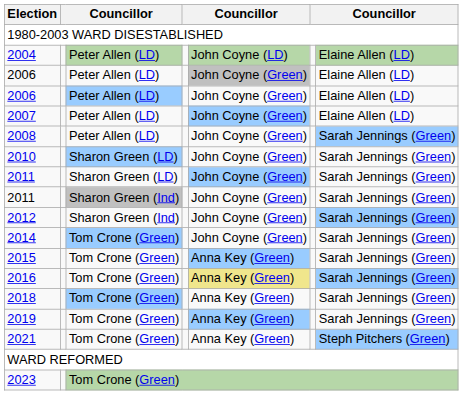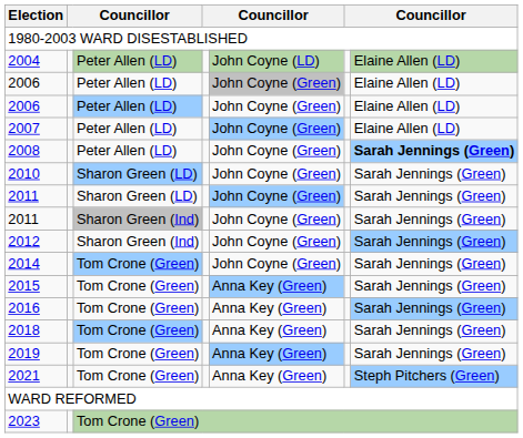 <table class="wikitable">
 <tr>
 <th>Election</th>
 <th colspan="2">Councillor</th>
 <th colspan="2">Councillor</th>
 <th colspan="2">Councillor</th>
 </tr>
 <tr>
 <td colspan="8" bgcolor="#FFF"><div>1980-2003 WARD DISESTABLISHED</div></td>
 </tr>
 <tr>
 <td><a href='#'>2004</a></td>
 <td style="background-color: "></td>
 <td bgcolor="#B6D7A8">Peter Allen (<a href='#'>LD</a>)</td>
 <td style="background-color: "></td>
 <td bgcolor="#B6D7A8">John Coyne (<a href='#'>LD</a>)</td>
 <td style="background-color: "></td>
 <td bgcolor="#B6D7A8">Elaine Allen (<a href='#'>LD</a>)</td>
 </tr>
 <tr>
 <td>2006</td>
 <td style="background-color: "></td>
 <td>Peter Allen (<a href='#'>LD</a>)</td>
 <td style="background-color: "></td>
 <td bgcolor="#C0C0C0">John Coyne (<a href='#'>Green</a>)</td>
 <td style="background-color: "></td>
 <td>Elaine Allen (<a href='#'>LD</a>)</td>
 </tr>
 <tr>
 <td><a href='#'>2006</a></td>
 <td style="background-color: "></td>
 <td bgcolor="#99CCFF">Peter Allen (<a href='#'>LD</a>)</td>
 <td style="background-color: "></td>
 <td>John Coyne (<a href='#'>Green</a>)</td>
 <td style="background-color: "></td>
 <td>Elaine Allen (<a href='#'>LD</a>)</td>
 </tr>
 <tr>
 <td><a href='#'>2007</a></td>
 <td style="background-color: "></td>
 <td>Peter Allen (<a href='#'>LD</a>)</td>
 <td style="background-color: "></td>
 <td bgcolor="#99CCFF">John Coyne (<a href='#'>Green</a>)</td>
 <td style="background-color: "></td>
 <td>Elaine Allen (<a href='#'>LD</a>)</td>
 </tr>
 <tr>
 <td><a href='#'>2008</a></td>
 <td style="background-color: "></td>
 <td>Peter Allen (<a href='#'>LD</a>)</td>
 <td style="background-color: "></td>
 <td>John Coyne (<a href='#'>Green</a>)</td>
 <td style="background-color: "></td>
-<td bgcolor="#99CCFF">Sarah Jennings (<a href='#'>Green</a>)</td>
+<td bgcolor="#99CCFF"><strong>Sarah Jennings (<a href='#'>Green</a>)</strong></td>
 </tr>
 <tr>
 <td><a href='#'>2010</a></td>
 <td style="background-color: "></td>
 <td bgcolor="#99CCFF">Sharon Green (<a href='#'>LD</a>)</td>
 <td style="background-color: "></td>
 <td>John Coyne (<a href='#'>Green</a>)</td>
 <td style="background-color: "></td>
 <td>Sarah Jennings (<a href='#'>Green</a>)</td>
 </tr>
 <tr>
 <td><a href='#'>2011</a></td>
 <td style="background-color: "></td>
 <td>Sharon Green (<a href='#'>LD</a>)</td>
 <td style="background-color: "></td>
 <td bgcolor="#99CCFF">John Coyne (<a href='#'>Green</a>)</td>
 <td style="background-color: "></td>
 <td>Sarah Jennings (<a href='#'>Green</a>)</td>
 </tr>
 <tr>
 <td>2011</td>
 <td style="background-color: "></td>
 <td bgcolor="#C0C0C0">Sharon Green (<a href='#'>Ind</a>)</td>
 <td style="background-color: "></td>
 <td>John Coyne (<a href='#'>Green</a>)</td>
 <td style="background-color: "></td>
 <td>Sarah Jennings (<a href='#'>Green</a>)</td>
 </tr>
 <tr>
 <td><a href='#'>2012</a></td>
 <td style="background-color: "></td>
 <td>Sharon Green (<a href='#'>Ind</a>)</td>
 <td style="background-color: "></td>
 <td>John Coyne (<a href='#'>Green</a>)</td>
 <td style="background-color: "></td>
 <td bgcolor="#99CCFF">Sarah Jennings (<a href='#'>Green</a>)</td>
 </tr>
 <tr>
 <td><a href='#'>2014</a></td>
 <td style="background-color: "></td>
 <td bgcolor="#99CCFF">Tom Crone (<a href='#'>Green</a>)</td>
 <td style="background-color: "></td>
 <td>John Coyne (<a href='#'>Green</a>)</td>
 <td style="background-color: "></td>
 <td>Sarah Jennings (<a href='#'>Green</a>)</td>
 </tr>
 <tr>
 <td><a href='#'>2015</a></td>
 <td style="background-color: "></td>
 <td>Tom Crone (<a href='#'>Green</a>)</td>
 <td style="background-color: "></td>
 <td bgcolor="#99CCFF">Anna Key (<a href='#'>Green</a>)</td>
 <td style="background-color: "></td>
 <td>Sarah Jennings (<a href='#'>Green</a>)</td>
 </tr>
 <tr>
 <td><a href='#'>2016</a></td>
 <td style="background-color: "></td>
 <td>Tom Crone (<a href='#'>Green</a>)</td>
 <td style="background-color: "></td>
-<td style="background: khaki;">Anna Key (<a href='#'>Green</a>)</td>
+<td>Anna Key (<a href='#'>Green</a>)</td>
 <td style="background-color: "></td>
 <td bgcolor="#99CCFF">Sarah Jennings (<a href='#'>Green</a>)</td>
 </tr>
 <tr>
 <td><a href='#'>2018</a></td>
 <td style="background-color: "></td>
 <td bgcolor="#99CCFF">Tom Crone (<a href='#'>Green</a>)</td>
 <td style="background-color: "></td>
 <td>Anna Key (<a href='#'>Green</a>)</td>
 <td style="background-color: "></td>
 <td>Sarah Jennings (<a href='#'>Green</a>)</td>
 </tr>
 <tr>
 <td><a href='#'>2019</a></td>
 <td style="background-color: "></td>
 <td>Tom Crone (<a href='#'>Green</a>)</td>
 <td style="background-color: "></td>
 <td bgcolor="#99CCFF">Anna Key (<a href='#'>Green</a>)</td>
 <td style="background-color: "></td>
 <td>Sarah Jennings (<a href='#'>Green</a>)</td>
 </tr>
 <tr>
 <td><a href='#'>2021</a></td>
 <td style="background-color: "></td>
 <td>Tom Crone (<a href='#'>Green</a>)</td>
 <td style="background-color: "></td>
 <td>Anna Key (<a href='#'>Green</a>)</td>
 <td style="background-color: "></td>
 <td bgcolor="#99CCFF">Steph Pitchers (<a href='#'>Green</a>)</td>
 </tr>
 <tr>
 <td colspan="8" bgcolor="#FFF"><div>WARD REFORMED</div></td>
 </tr>
 <tr>
 <td><a href='#'>2023</a></td>
 <td style="background-color: "></td>
 <td colspan="6" bgcolor="#B6D7A8">Tom Crone (<a href='#'>Green</a>)</td>
 </tr>
 </table>
